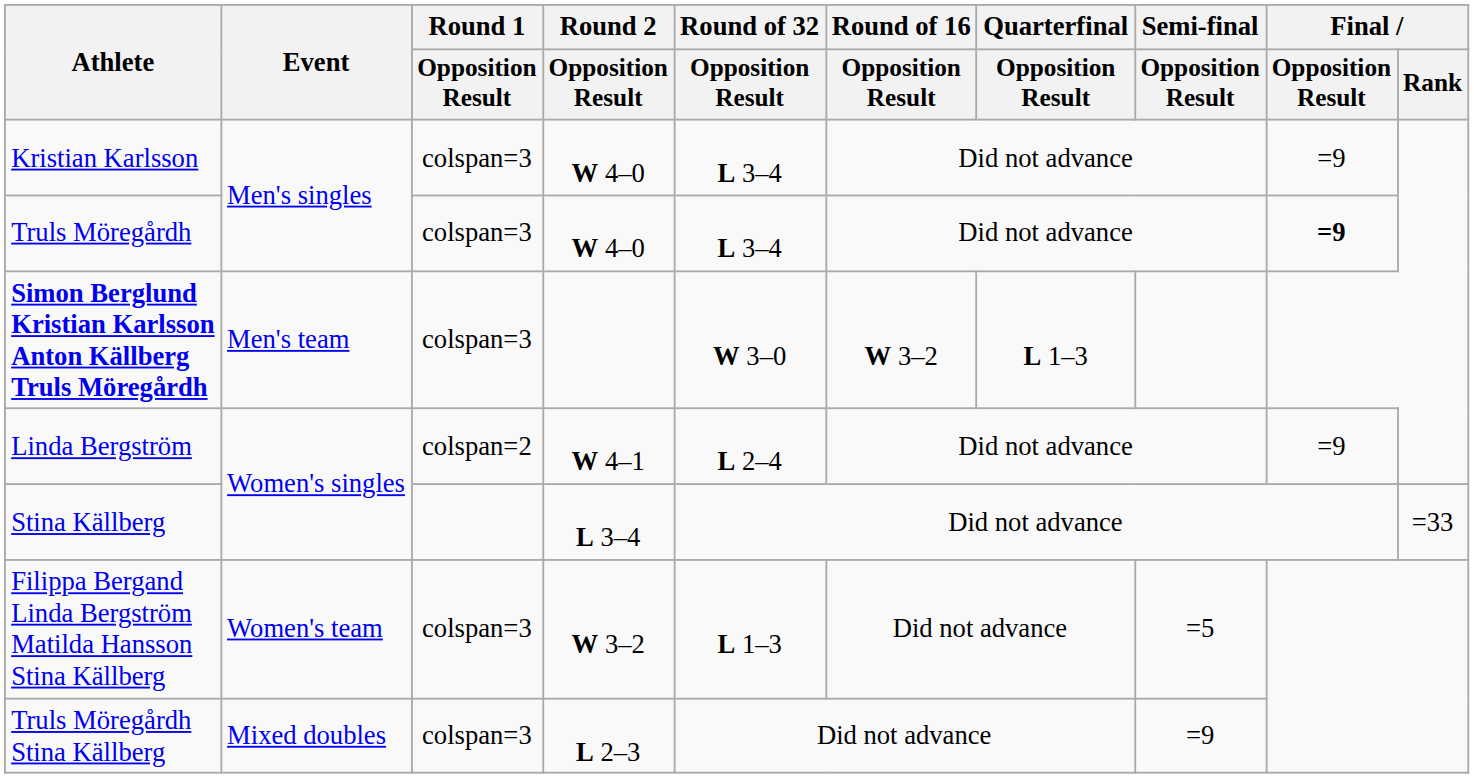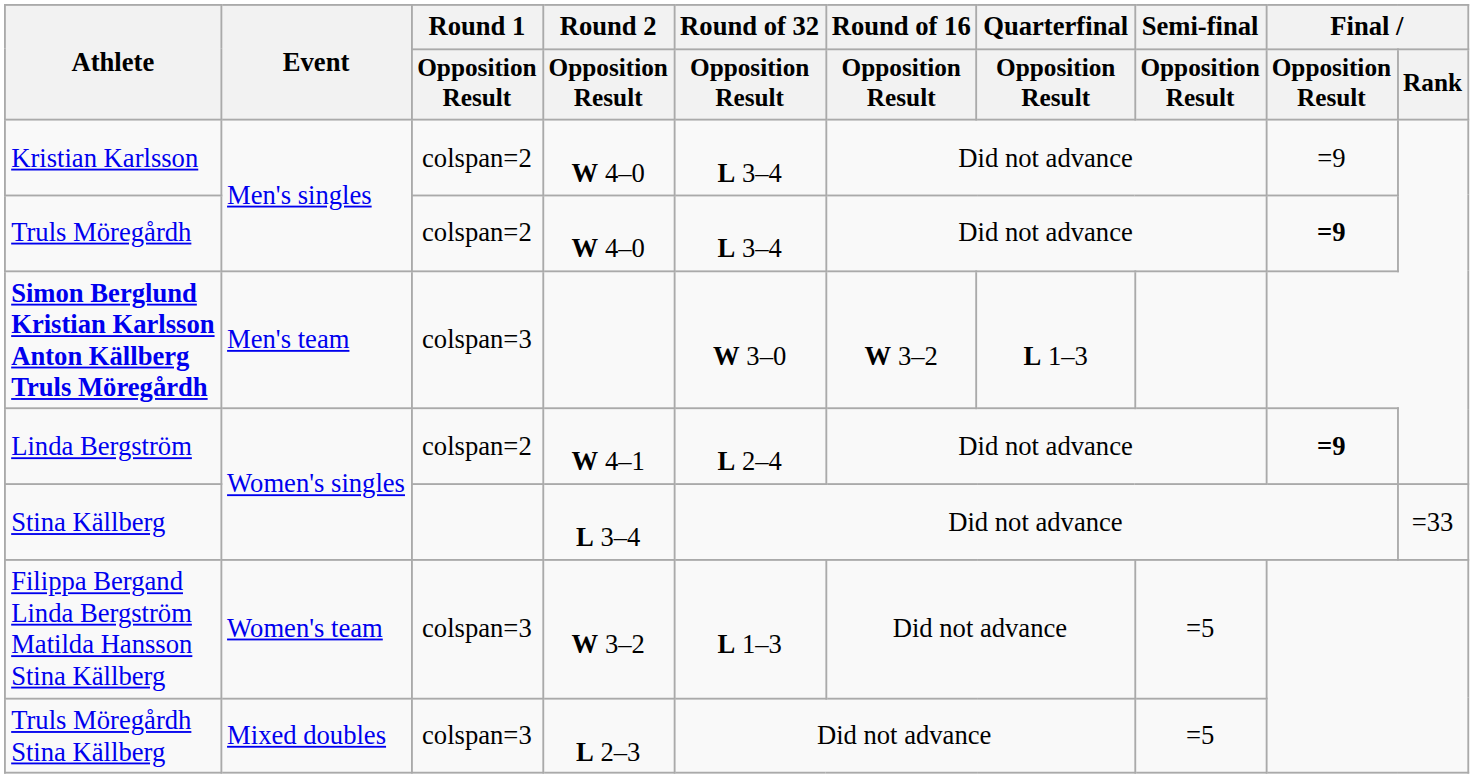 <table class=wikitable style=font-size:90%;text-align:center>
 <tr>
 <th rowspan=2>Athlete</th>
 <th rowspan=2>Event</th>
 <th>Round 1</th>
 <th>Round 2</th>
 <th>Round of 32</th>
 <th>Round of 16</th>
 <th>Quarterfinal</th>
 <th>Semi-final</th>
 <th colspan=2>Final / </th>
 </tr>
 <tr style=font-size:95%>
 <th>Opposition<br>Result</th>
 <th>Opposition<br>Result</th>
 <th>Opposition<br>Result</th>
 <th>Opposition<br>Result</th>
 <th>Opposition<br>Result</th>
 <th>Opposition<br>Result</th>
 <th>Opposition<br>Result</th>
 <th>Rank</th>
 </tr>
 <tr>
 <td align=left><a href='#'>Kristian Karlsson</a></td>
 <td align=left rowspan=2><a href='#'>Men's singles</a></td>
-<td>colspan=3 </td>
+<td>colspan=2 </td>
 <td><br><strong>W</strong> 4–0</td>
 <td><br><strong>L</strong> 3–4</td>
 <td colspan=3>Did not advance</td>
 <td>=9</td>
 </tr>
 <tr>
 <td align=left><a href='#'>Truls Möregårdh</a></td>
-<td>colspan=3 </td>
+<td>colspan=2 </td>
 <td><br><strong>W</strong> 4–0</td>
 <td><br><strong>L</strong> 3–4</td>
 <td colspan=3>Did not advance</td>
 <td><strong>=9</strong></td>
 </tr>
 <tr>
 <td align=left><strong><a href='#'>Simon Berglund</a><br><a href='#'>Kristian Karlsson</a><br><a href='#'>Anton Källberg</a><br><a href='#'>Truls Möregårdh</a></strong></td>
 <td align=left><a href='#'>Men's team</a></td>
 <td>colspan=3 </td>
 <td></td>
 <td><br><strong>W</strong> 3–0</td>
 <td><br><strong>W</strong> 3–2</td>
 <td><br><strong>L</strong> 1–3</td>
 <td></td>
 </tr>
 <tr>
 <td align=left><a href='#'>Linda Bergström</a></td>
 <td align=left rowspan=2><a href='#'>Women's singles</a></td>
 <td>colspan=2 </td>
 <td><br><strong>W</strong> 4–1</td>
 <td><br><strong>L</strong> 2–4</td>
 <td colspan=3>Did not advance</td>
-<td>=9</td>
+<td><strong>=9</strong></td>
 </tr>
 <tr>
 <td align=left><a href='#'>Stina Källberg</a></td>
 <td></td>
 <td><br><strong>L</strong> 3–4</td>
 <td colspan=5>Did not advance</td>
 <td>=33</td>
 </tr>
 <tr>
 <td align=left><a href='#'>Filippa Bergand</a><br><a href='#'>Linda Bergström</a><br><a href='#'>Matilda Hansson</a><br><a href='#'>Stina Källberg</a></td>
 <td align=left><a href='#'>Women's team</a></td>
 <td>colspan=3 </td>
 <td><br><strong>W</strong> 3–2</td>
 <td><br><strong>L</strong> 1–3</td>
 <td colspan=2>Did not advance</td>
 <td>=5</td>
 </tr>
 <tr>
 <td align=left><a href='#'>Truls Möregårdh</a><br><a href='#'>Stina Källberg</a></td>
 <td align=left><a href='#'>Mixed doubles</a></td>
 <td>colspan=3 </td>
 <td><br><strong>L</strong> 2–3</td>
 <td colspan=3>Did not advance</td>
-<td>=9</td>
+<td>=5</td>
 </tr>
 </table>
